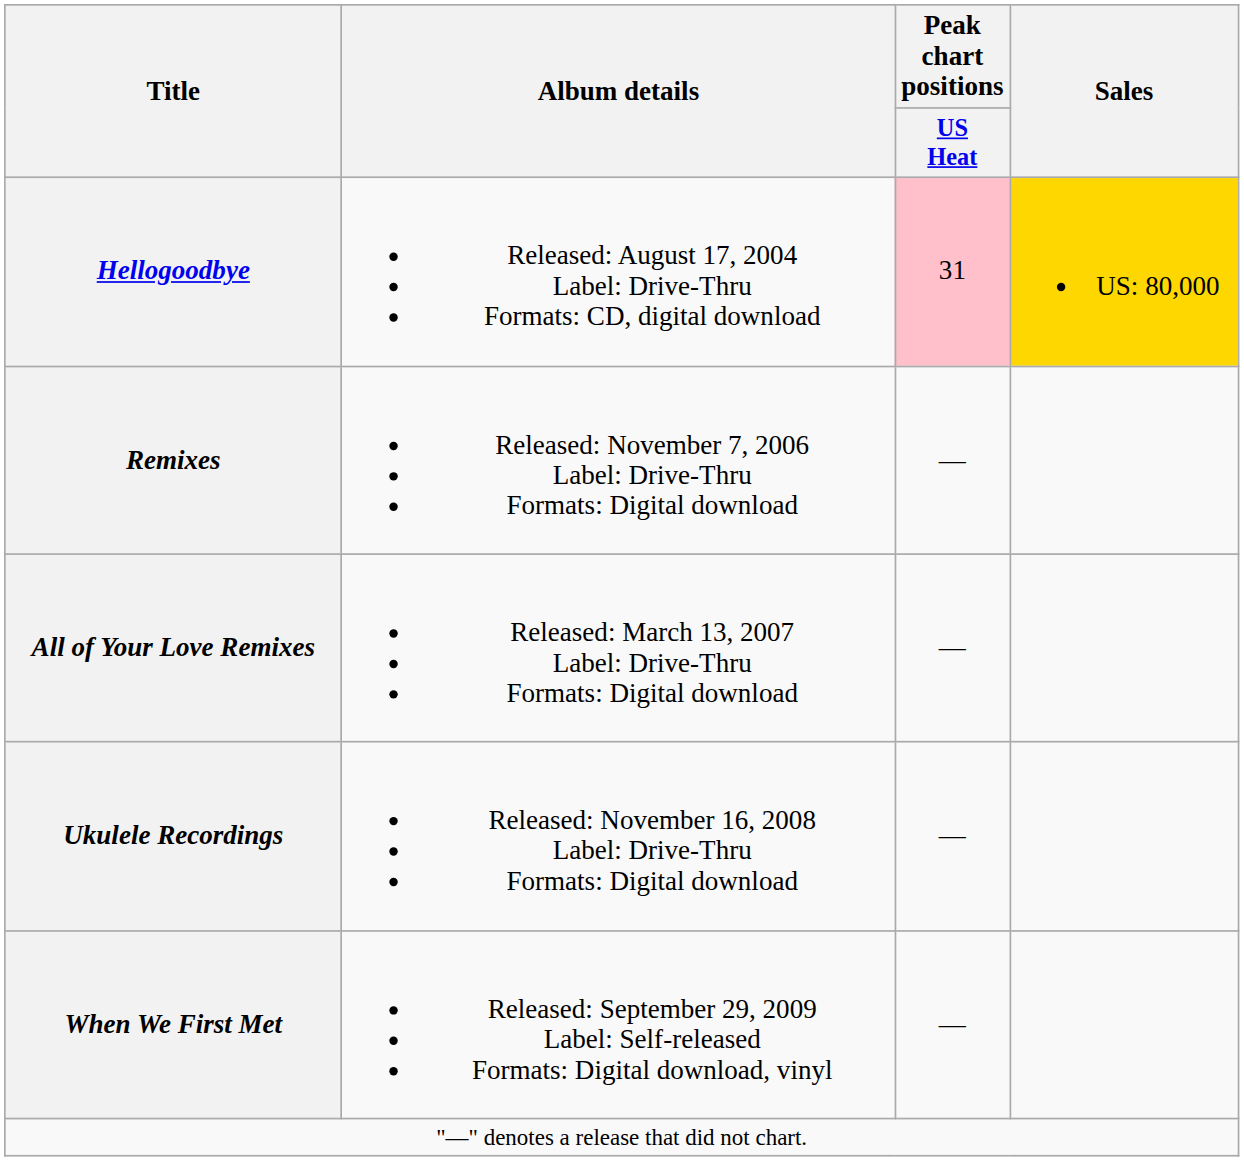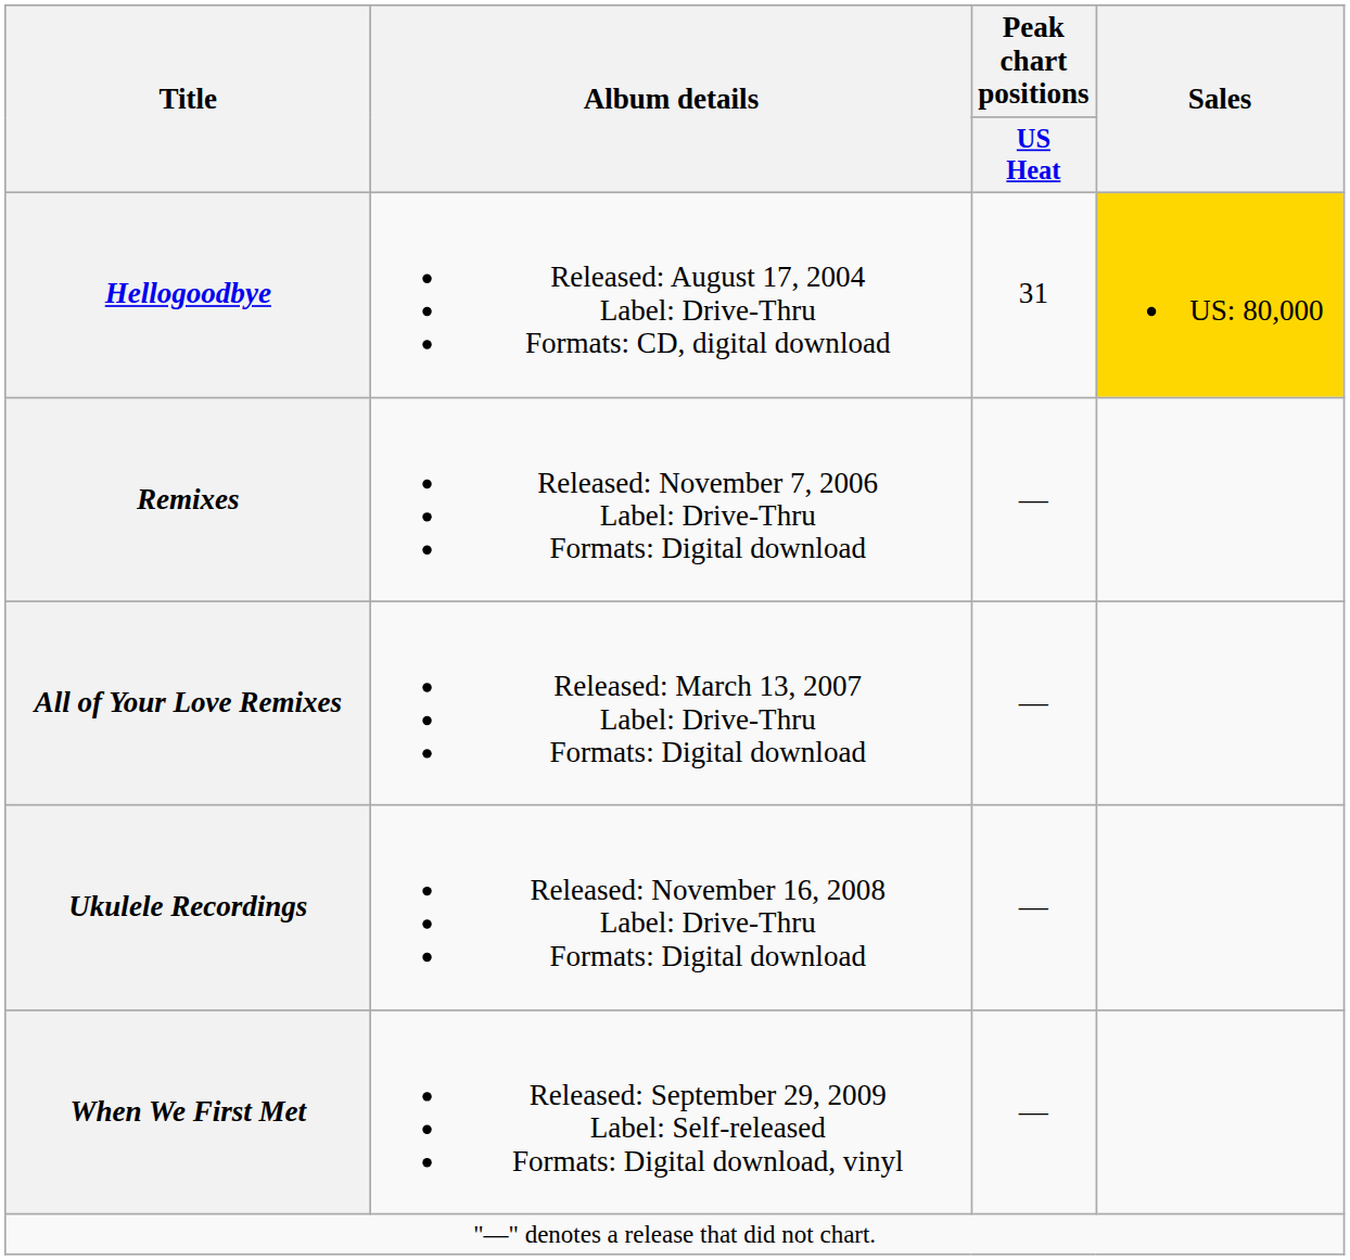 <table class="wikitable plainrowheaders" style="text-align:center;">
 <tr>
 <th scope="col" rowspan="2" style="width:12em;">Title</th>
 <th scope="col" rowspan="2" style="width:20em;">Album details</th>
 <th scope="col">Peak chart positions</th>
 <th scope="col" rowspan="2" style="width:8em;">Sales</th>
 </tr>
 <tr>
 <th scope="col" style="width:3em;font-size:90%;"><a href='#'>US<br>Heat</a><br></th>
 </tr>
 <tr>
 <th scope="row"><em><a href='#'>Hellogoodbye</a></em></th>
 <td><br><ul><li>Released: August 17, 2004</li><li>Label: Drive-Thru</li><li>Formats: CD, digital download</li></ul></td>
-<td style="background: pink;">31</td>
+<td>31</td>
 <td style="background: gold;"><br><ul><li>US: 80,000</li></ul></td>
 </tr>
 <tr>
 <th scope="row"><em>Remixes</em></th>
 <td><br><ul><li>Released: November 7, 2006</li><li>Label: Drive-Thru</li><li>Formats: Digital download</li></ul></td>
 <td>—</td>
 <td></td>
 </tr>
 <tr>
 <th scope="row"><em>All of Your Love Remixes</em></th>
 <td><br><ul><li>Released: March 13, 2007</li><li>Label: Drive-Thru</li><li>Formats: Digital download</li></ul></td>
 <td>—</td>
 <td></td>
 </tr>
 <tr>
 <th scope="row"><em>Ukulele Recordings</em></th>
 <td><br><ul><li>Released: November 16, 2008</li><li>Label: Drive-Thru</li><li>Formats: Digital download</li></ul></td>
 <td>—</td>
 <td></td>
 </tr>
 <tr>
 <th scope="row"><em>When We First Met</em></th>
 <td><br><ul><li>Released: September 29, 2009</li><li>Label: Self-released</li><li>Formats: Digital download, vinyl</li></ul></td>
 <td>—</td>
 <td></td>
 </tr>
 <tr>
 <td colspan="8" style="font-size:85%">"—" denotes a release that did not chart.</td>
 </tr>
 </table>
